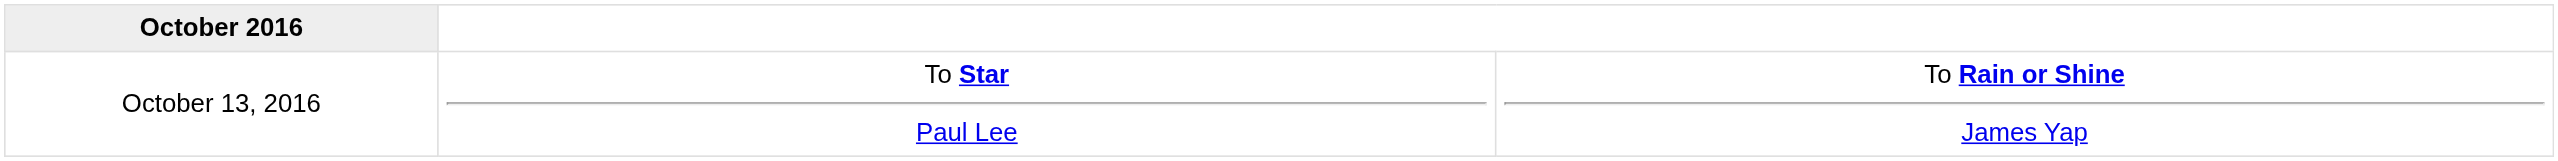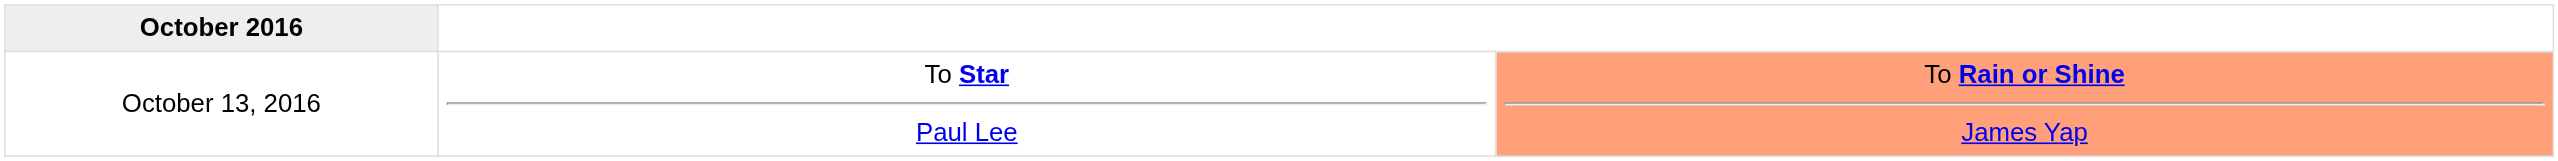 <table border=1 style="border-collapse:collapse; text-align: center; width: 100%" bordercolor="#DFDFDF"  cellpadding="5">
 <tr bgcolor="eeeeee">
 <th>October 2016</th>
 </tr>
 <tr>
 <td style="width:12%">October 13, 2016</td>
 <td style="width:29.3%" valign="top">To <strong><a href='#'>Star</a></strong><hr><a href='#'>Paul Lee</a></td>
-<td style="width:29.3%" valign="top">To <strong><a href='#'>Rain or Shine</a></strong><hr><a href='#'>James Yap</a></td>
+<td style="background: lightsalmon; width:29.3%" valign="top">To <strong><a href='#'>Rain or Shine</a></strong><hr><a href='#'>James Yap</a></td>
 </tr>
 </table>
